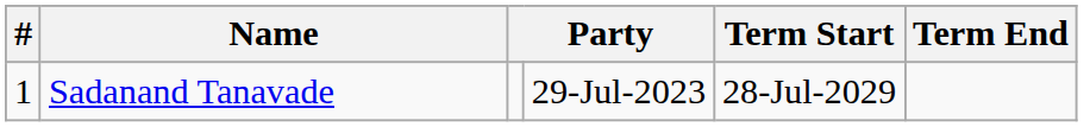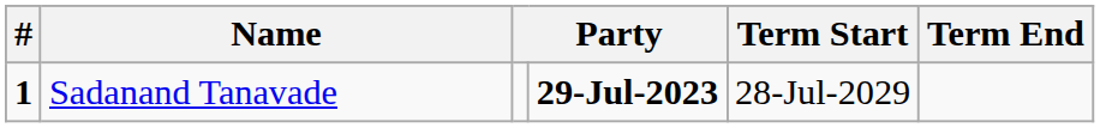 <table class="wikitable sortable">
 <tr>
 <th>#</th>
 <th style="width:200px">Name</th>
 <th colspan="2">Party</th>
 <th>Term Start</th>
 <th>Term End</th>
 </tr>
 <tr>
-<td>1</td>
+<td><strong>1</strong></td>
 <td><a href='#'>Sadanand Tanavade</a></td>
 <td></td>
-<td>29-Jul-2023</td>
+<td><strong>29-Jul-2023</strong></td>
 <td>28-Jul-2029</td>
 </tr>
 </table>
